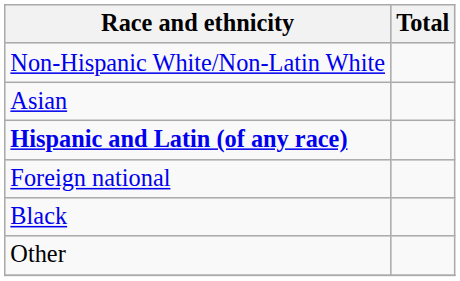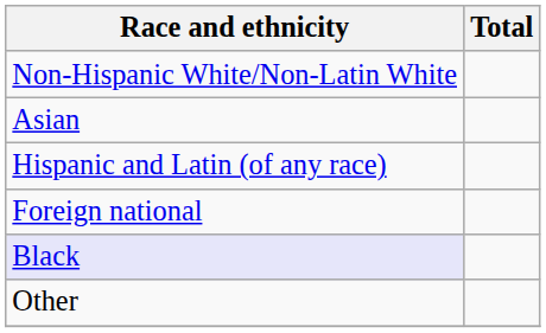 <table class="wikitable floatright sortable collapsible"; text-align:right; font-size:80%;">
 <tr>
 <th>Race and ethnicity</th>
 <th colspan="2" data-sort-type=number>Total</th>
 </tr>
 <tr>
 <td><a href='#'>Non-Hispanic White/Non-Latin White</a></td>
 <td align=right></td>
 </tr>
 <tr>
 <td><a href='#'>Asian</a></td>
 <td align=right></td>
 </tr>
 <tr>
-<td><strong><a href='#'>Hispanic and Latin (of any race)</a></strong></td>
+<td><a href='#'>Hispanic and Latin (of any race)</a></td>
 <td align=right></td>
 </tr>
 <tr>
 <td><a href='#'>Foreign national</a></td>
 <td align=right></td>
 </tr>
 <tr>
-<td><a href='#'>Black</a></td>
+<td style="background: lavender;"><a href='#'>Black</a></td>
 <td align=right></td>
 </tr>
 <tr>
 <td>Other</td>
 <td align=right></td>
 </tr>
 <tr>
 </tr>
 </table>
